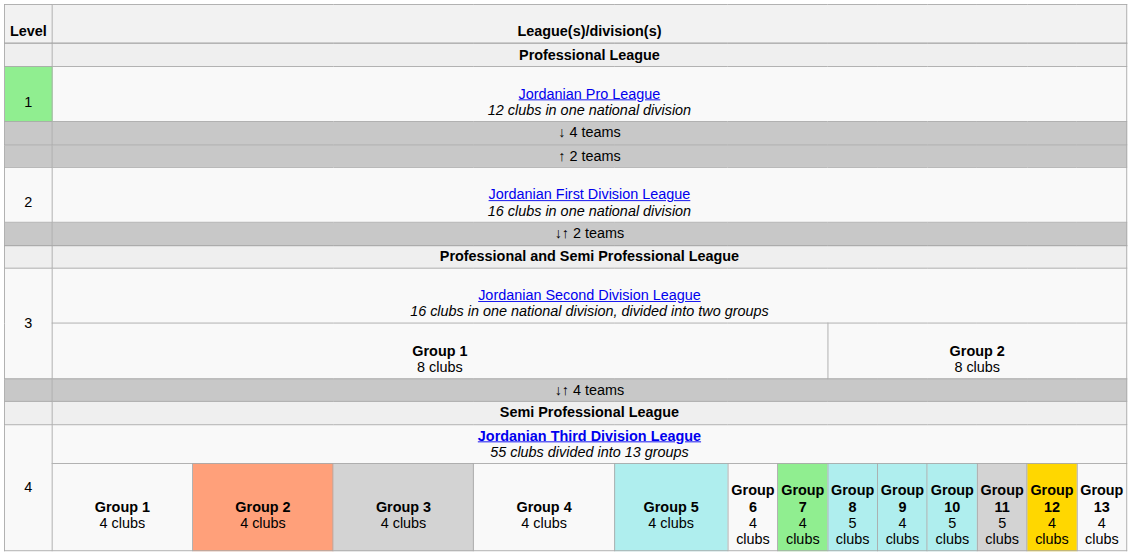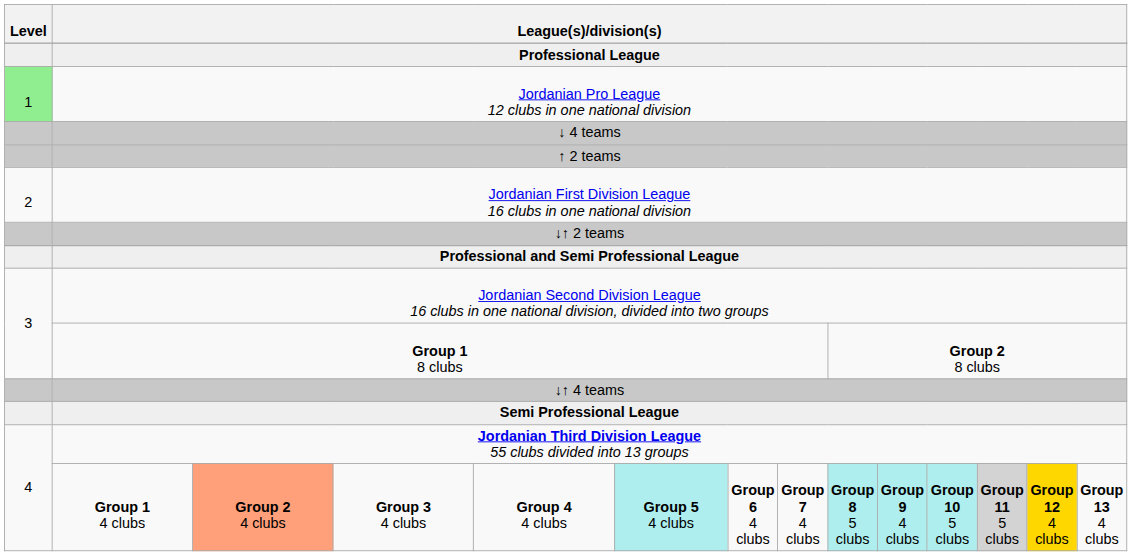 <table class="wikitable" style="text-align: center;">
 <tr>
 <th width=4%><br>Level</th>
 <th colspan="14" width="96%"><br>League(s)/division(s)</th>
 </tr>
 <tr>
 </tr>
 <tr style="background:#efefef;">
 <td width="4.6%" align="center"></td>
 <td colspan="18" width="95.4%" style="text-align:center;"><strong>Professional League</strong></td>
 </tr>
 <tr>
 <td style="background: lightgreen;"><br>1</td>
 <td colspan="14"><br><a href='#'>Jordanian Pro League</a> <br><em>12 clubs in one national division</em><br></td>
 </tr>
 <tr style="background:#c8c8c8">
 <td style="width:4%;"></td>
 <td colspan="14" style="width:96%;">↓ 4 teams</td>
 </tr>
 <tr style="background:#c8c8c8">
 <td style="width:4%;"></td>
 <td colspan="14" style="width:96%;">↑ 2 teams</td>
 </tr>
 <tr>
 <td><br>2</td>
 <td colspan="14"><br><a href='#'>Jordanian First Division League</a> <br><em>16 clubs in one national division</em><br></td>
 </tr>
 <tr style="background:#c8c8c8">
 <td style="width:4%;"></td>
 <td colspan="14" style="width:96%;">↓↑ 2 teams</td>
 </tr>
 <tr>
 </tr>
 <tr style="background:#efefef;">
 <td width="4.6%" align="center"></td>
 <td colspan="18" width="95.4%" style="text-align:center;"><strong>Professional and Semi Professional League</strong></td>
 </tr>
 <tr>
 <td rowspan="2">3</td>
 <td colspan="14"><br><a href='#'>Jordanian Second Division League</a> <br><em>16 clubs in one national division, divided into two groups</em><br></td>
 </tr>
 <tr>
 <td colspan="7"><br><strong>Group 1</strong><br> 8 clubs</td>
 <td colspan="7"><br><strong>Group 2</strong><br> 8 clubs</td>
 </tr>
 <tr style="background:#c8c8c8">
 <td style="width:4%;"></td>
 <td colspan="14" style="width:96%;">↓↑ 4 teams</td>
 </tr>
 <tr style="background:#efefef;">
 <td width="4.6%" align="center"></td>
 <td colspan="18" width="95.4%" style="text-align:center;"><strong>Semi Professional League</strong></td>
 </tr>
 <tr>
 <td rowspan="2">4</td>
 <td colspan="13"><strong><a href='#'>Jordanian Third Division League</a></strong> <br><em>55 clubs divided into 13 groups</em><br></td>
 </tr>
 <tr>
 <td width="20%"><br><strong>Group 1</strong><br> 4 clubs</td>
 <td width="20%" style="background: lightsalmon;"><br><strong>Group 2</strong><br> 4 clubs</td>
-<td width="20%" style="background: lightgrey;"><br><strong>Group 3</strong><br> 4 clubs</td>
+<td width="20%"><br><strong>Group 3</strong><br> 4 clubs</td>
 <td width="20%"><br><strong>Group 4</strong><br> 4 clubs</td>
 <td width="20%" style="background: paleturquoise;"><br><strong>Group 5</strong><br> 4 clubs</td>
 <td width="20%"><br><strong>Group 6</strong><br> 4 clubs</td>
-<td width="20%" style="background: lightgreen;"><br><strong>Group 7</strong><br> 4 clubs</td>
+<td width="20%"><br><strong>Group 7</strong><br> 4 clubs</td>
 <td width="20%" style="background: paleturquoise;"><br><strong>Group 8</strong><br> 5 clubs</td>
 <td width="20%" style="background: paleturquoise;"><br><strong>Group 9</strong><br> 4 clubs</td>
 <td width="20%" style="background: paleturquoise;"><br><strong>Group 10</strong><br> 5 clubs</td>
 <td width="20%" style="background: lightgrey;"><br><strong>Group 11</strong><br> 5 clubs</td>
 <td width="20%" style="background: gold;"><br><strong>Group 12</strong><br> 4 clubs</td>
 <td width="20%"><br><strong>Group 13</strong><br> 4 clubs</td>
 </tr>
 </table>
